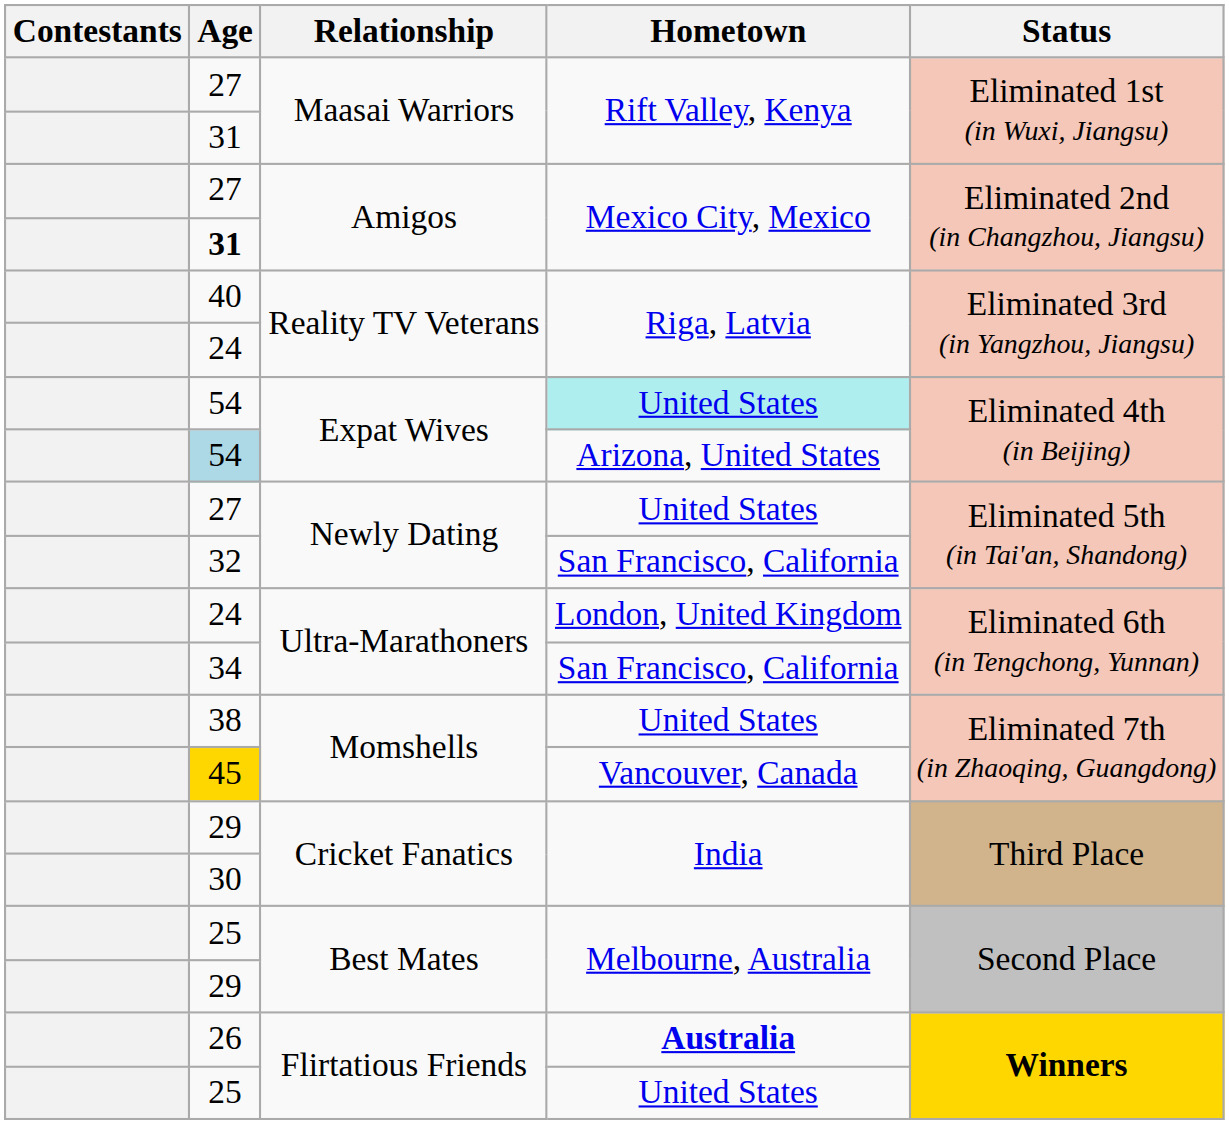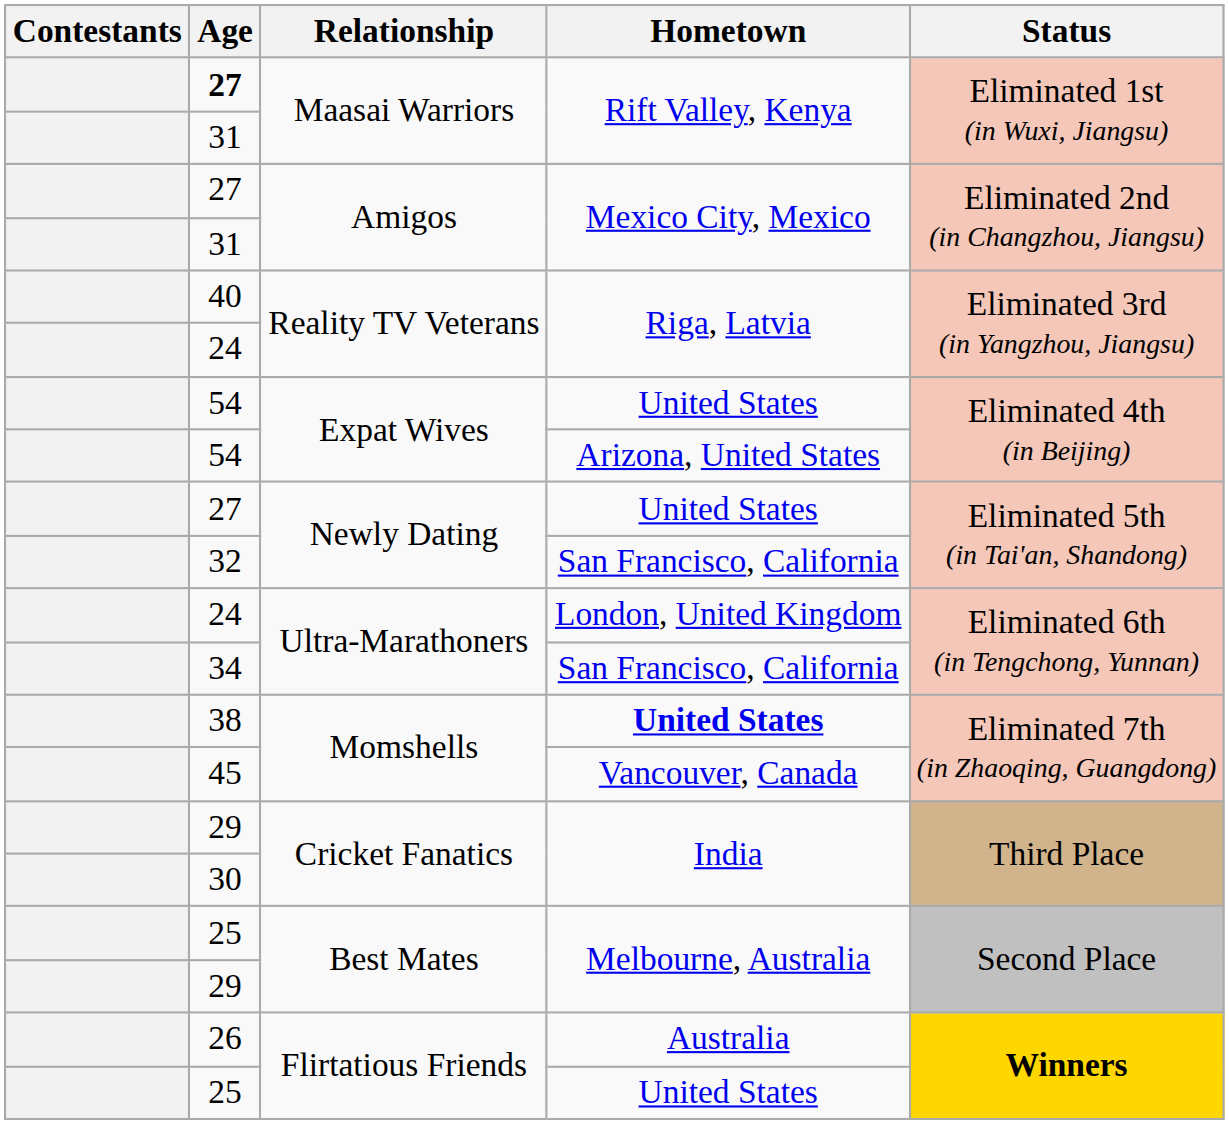 <table class="wikitable sortable" style="text-align:center;">
 <tr>
 <th scope="col">Contestants</th>
 <th scope="col">Age</th>
 <th class="unsortable" scope="col">Relationship</th>
 <th scope="col" class="unsortable">Hometown</th>
 <th scope="col">Status</th>
 </tr>
 <tr>
 <th scope="row"></th>
-<td>27</td>
+<td><strong>27</strong></td>
 <td rowspan="2">Maasai Warriors</td>
 <td rowspan="2"><a href='#'>Rift Valley</a>, <a href='#'>Kenya</a></td>
 <td rowspan="2" bgcolor="f4c7b8">Eliminated 1st<br><small><em>(in Wuxi, Jiangsu)</em></small></td>
 </tr>
 <tr>
 <th scope="row"></th>
 <td>31</td>
 </tr>
 <tr>
 <th scope="row"></th>
 <td>27</td>
 <td rowspan="2">Amigos</td>
 <td rowspan="2"><a href='#'>Mexico City</a>, <a href='#'>Mexico</a></td>
 <td rowspan="2" bgcolor="f4c7b8">Eliminated 2nd<br><small><em>(in Changzhou, Jiangsu)</em></small></td>
 </tr>
 <tr>
 <th scope="row"></th>
-<td><strong>31</strong></td>
+<td>31</td>
 </tr>
 <tr>
 <th scope="row"></th>
 <td>40</td>
 <td rowspan="2">Reality TV Veterans</td>
 <td rowspan="2"><a href='#'>Riga</a>, <a href='#'>Latvia</a></td>
 <td rowspan="2" bgcolor="f4c7b8">Eliminated 3rd<br><small><em>(in Yangzhou, Jiangsu)</em></small></td>
 </tr>
 <tr>
 <th scope="row"></th>
 <td>24</td>
 </tr>
 <tr>
 <th scope="row"></th>
 <td>54</td>
 <td rowspan="2">Expat Wives</td>
-<td style="background: paleturquoise;"><a href='#'>United States</a></td>
+<td><a href='#'>United States</a></td>
 <td rowspan="2" bgcolor="f4c7b8">Eliminated 4th<br><small><em>(in Beijing)</em></small></td>
 </tr>
 <tr>
 <th scope="row"></th>
-<td style="background: lightblue;">54</td>
+<td>54</td>
 <td><a href='#'>Arizona</a>, <a href='#'>United States</a></td>
 </tr>
 <tr>
 <th scope="row"></th>
 <td>27</td>
 <td rowspan="2">Newly Dating</td>
 <td><a href='#'>United States</a></td>
 <td rowspan="2" bgcolor="f4c7b8">Eliminated 5th<br><small><em>(in Tai'an, Shandong)</em></small></td>
 </tr>
 <tr>
 <th scope="row"></th>
 <td>32</td>
 <td><a href='#'>San Francisco</a>, <a href='#'>California</a></td>
 </tr>
 <tr>
 <th scope="row"></th>
 <td>24</td>
 <td rowspan="2">Ultra-Marathoners</td>
 <td><a href='#'>London</a>, <a href='#'>United Kingdom</a></td>
 <td rowspan="2" bgcolor="f4c7b8">Eliminated 6th<br><small><em>(in Tengchong, Yunnan)</em></small></td>
 </tr>
 <tr>
 <th scope="row"></th>
 <td>34</td>
 <td><a href='#'>San Francisco</a>, <a href='#'>California</a></td>
 </tr>
 <tr>
 <th scope="row"></th>
 <td>38</td>
 <td rowspan="2">Momshells</td>
-<td><a href='#'>United States</a></td>
+<td><strong><a href='#'>United States</a></strong></td>
 <td rowspan="2" bgcolor="f4c7b8">Eliminated 7th<br><small><em>(in Zhaoqing, Guangdong)</em></small></td>
 </tr>
 <tr>
 <th scope="row"></th>
-<td style="background: gold;">45</td>
+<td>45</td>
 <td><a href='#'>Vancouver</a>, <a href='#'>Canada</a></td>
 </tr>
 <tr>
 <th scope="row"></th>
 <td>29</td>
 <td rowspan="2">Cricket Fanatics</td>
 <td rowspan="2"><a href='#'>India</a></td>
 <td rowspan="2" bgcolor="tan">Third Place</td>
 </tr>
 <tr>
 <th scope="row"></th>
 <td>30</td>
 </tr>
 <tr>
 <th scope="row"></th>
 <td>25</td>
 <td rowspan="2">Best Mates</td>
 <td rowspan="2"><a href='#'>Melbourne</a>, <a href='#'>Australia</a></td>
 <td rowspan="2" bgcolor="silver">Second Place</td>
 </tr>
 <tr>
 <th scope="row"></th>
 <td>29</td>
 </tr>
 <tr>
 <th scope="row"></th>
 <td>26</td>
 <td rowspan="2">Flirtatious Friends</td>
-<td><strong><a href='#'>Australia</a></strong></td>
+<td><a href='#'>Australia</a></td>
 <td rowspan="2" bgcolor="gold"><strong>Winners</strong></td>
 </tr>
 <tr>
 <th scope="row"></th>
 <td>25</td>
 <td><a href='#'>United States</a></td>
 </tr>
 </table>
